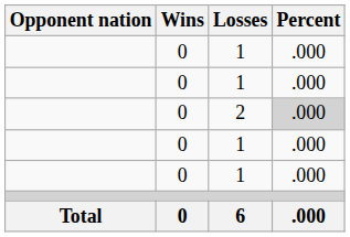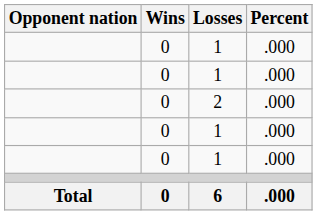 <table class=wikitable>
 <tr>
 <th>Opponent nation</th>
 <th>Wins</th>
 <th>Losses</th>
 <th>Percent</th>
 </tr>
 <tr align=center>
 <td align=left></td>
 <td>0</td>
 <td>1</td>
 <td>.000</td>
 </tr>
 <tr align=center>
 <td align=left></td>
 <td>0</td>
 <td>1</td>
 <td>.000</td>
 </tr>
 <tr align=center>
 <td align=left></td>
 <td>0</td>
 <td>2</td>
-<td style="background: lightgrey;">.000</td>
+<td>.000</td>
 </tr>
 <tr align=center>
 <td align=left></td>
 <td>0</td>
 <td>1</td>
 <td>.000</td>
 </tr>
 <tr align=center>
 <td align=left></td>
 <td>0</td>
 <td>1</td>
 <td>.000</td>
 </tr>
 <tr>
 <td colspan=4 bgcolor=lightgray></td>
 </tr>
 <tr>
 <th>Total</th>
 <th>0</th>
 <th>6</th>
 <th>.000</th>
 </tr>
 </table>
